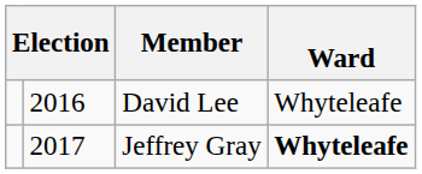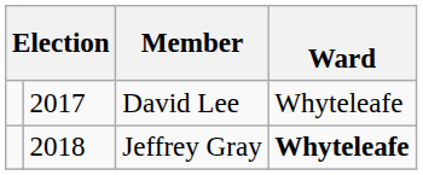 <table class="wikitable">
 <tr>
 <th colspan="2">Election</th>
 <th>Member</th>
 <th><br>Ward</th>
 </tr>
 <tr>
 <td style="background-color: "></td>
-<td>2016</td>
+<td>2017</td>
 <td>David Lee</td>
 <td>Whyteleafe</td>
 </tr>
 <tr>
 <td style="background-color: "></td>
-<td>2017</td>
+<td>2018</td>
 <td>Jeffrey Gray</td>
 <td><strong>Whyteleafe</strong></td>
 </tr>
 </table>
